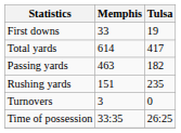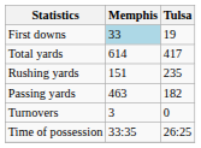 <table class="wikitable">
 <tr>
 <th>Statistics</th>
 <th>Memphis</th>
 <th>Tulsa</th>
 </tr>
 <tr>
 <td>First downs</td>
-<td>33</td>
+<td style="background: lightblue;">33</td>
 <td>19</td>
 </tr>
 <tr>
 <td>Total yards</td>
 <td>614</td>
 <td>417</td>
 </tr>
 <tr>
+<td>Rushing yards</td>
+<td>151</td>
+<td>235</td>
+</tr>
+<tr>
 <td>Passing yards</td>
 <td>463</td>
 <td>182</td>
-</tr>
-<tr>
-<td>Rushing yards</td>
-<td>151</td>
-<td>235</td>
 </tr>
 <tr>
 <td>Turnovers</td>
 <td>3</td>
 <td>0</td>
 </tr>
 <tr>
 <td>Time of possession</td>
 <td>33:35</td>
 <td>26:25</td>
 </tr>
 <tr>
 </tr>
 </table>
